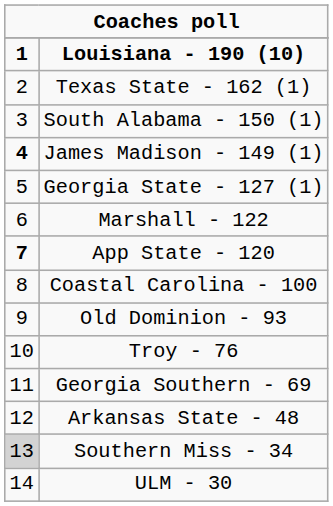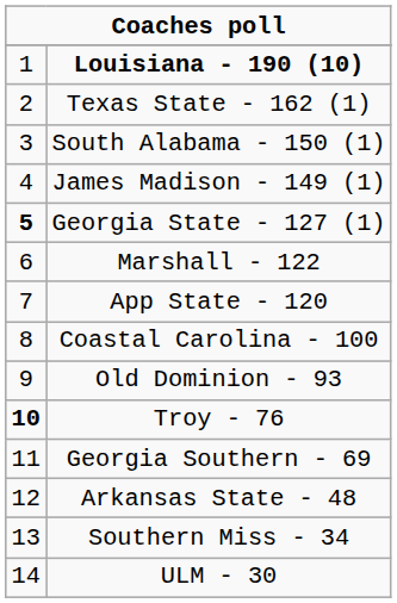 <table class="wikitable" style="display: inline-table;">
 <tr>
 <td align="center" Colspan="3"><strong>Coaches poll</strong></td>
 </tr>
 <tr align="center">
 </tr>
 <tr align="center">
-<td><strong>1</strong></td>
+<td>1</td>
 <td><strong>Louisiana - 190 (10)</strong></td>
 </tr>
 <tr align="center">
 <td>2</td>
 <td>Texas State - 162 (1)</td>
 </tr>
 <tr align="center">
 <td>3</td>
 <td>South Alabama - 150 (1)</td>
 </tr>
 <tr align="center">
-<td><strong>4</strong></td>
+<td>4</td>
 <td>James Madison - 149 (1)</td>
 </tr>
 <tr align="center">
-<td>5</td>
+<td><strong>5</strong></td>
 <td>Georgia State - 127 (1)</td>
 </tr>
 <tr align="center">
 <td>6</td>
 <td>Marshall - 122</td>
 </tr>
 <tr align="center">
-<td><strong>7</strong></td>
+<td>7</td>
 <td>App State - 120</td>
 </tr>
 <tr align="center">
 <td>8</td>
 <td>Coastal Carolina - 100</td>
 </tr>
 <tr align="center">
 <td>9</td>
 <td>Old Dominion - 93</td>
 </tr>
 <tr align="center">
-<td>10</td>
+<td><strong>10</strong></td>
 <td>Troy - 76</td>
 </tr>
 <tr align="center">
 <td>11</td>
 <td>Georgia Southern - 69</td>
 </tr>
 <tr align="center">
 <td>12</td>
 <td>Arkansas State - 48</td>
 </tr>
 <tr align="center">
-<td style="background: lightgrey;">13</td>
+<td>13</td>
 <td>Southern Miss - 34</td>
 </tr>
 <tr align="center">
 <td>14</td>
 <td>ULM - 30</td>
 </tr>
 </table>
